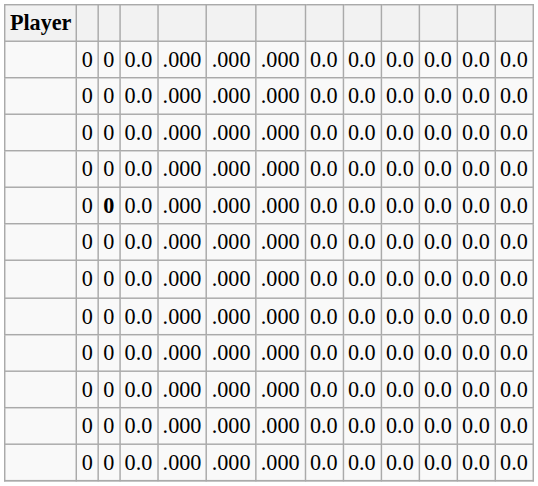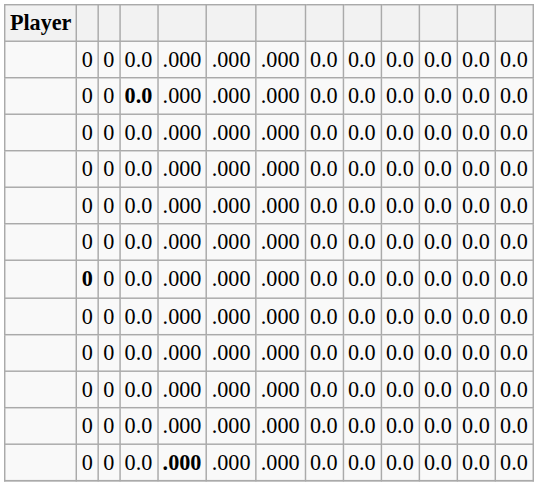 <table class="wikitable sortable" style="font-size:95%; text-align:right">
 <tr>
 <th>Player</th>
 <th></th>
 <th></th>
 <th></th>
 <th></th>
 <th></th>
 <th></th>
 <th></th>
 <th></th>
 <th></th>
 <th></th>
 <th></th>
 <th></th>
+</tr>
+<tr>
+<td><strong></strong></td>
+<td>0</td>
+<td>0</td>
+<td>0.0</td>
+<td>.000</td>
+<td>.000</td>
+<td>.000</td>
+<td>0.0</td>
+<td>0.0</td>
+<td>0.0</td>
+<td>0.0</td>
+<td>0.0</td>
+<td>0.0</td>
+</tr>
+<tr>
+<td><strong></strong></td>
+<td>0</td>
+<td>0</td>
+<td><strong>0.0</strong></td>
+<td>.000</td>
+<td>.000</td>
+<td>.000</td>
+<td>0.0</td>
+<td>0.0</td>
+<td>0.0</td>
+<td>0.0</td>
+<td>0.0</td>
+<td>0.0</td>
 </tr>
 <tr>
 <td><strong></strong></td>
 <td>0</td>
 <td>0</td>
 <td>0.0</td>
 <td>.000</td>
 <td>.000</td>
 <td>.000</td>
 <td>0.0</td>
 <td>0.0</td>
 <td>0.0</td>
 <td>0.0</td>
 <td>0.0</td>
 <td>0.0</td>
 </tr>
 <tr>
 <td><strong></strong></td>
 <td>0</td>
 <td>0</td>
 <td>0.0</td>
 <td>.000</td>
 <td>.000</td>
 <td>.000</td>
 <td>0.0</td>
 <td>0.0</td>
 <td>0.0</td>
 <td>0.0</td>
 <td>0.0</td>
 <td>0.0</td>
 </tr>
 <tr>
 <td><strong></strong></td>
 <td>0</td>
 <td>0</td>
 <td>0.0</td>
 <td>.000</td>
 <td>.000</td>
 <td>.000</td>
 <td>0.0</td>
 <td>0.0</td>
 <td>0.0</td>
 <td>0.0</td>
 <td>0.0</td>
 <td>0.0</td>
 </tr>
 <tr>
 <td><strong></strong></td>
 <td>0</td>
 <td>0</td>
 <td>0.0</td>
 <td>.000</td>
 <td>.000</td>
 <td>.000</td>
 <td>0.0</td>
 <td>0.0</td>
 <td>0.0</td>
 <td>0.0</td>
 <td>0.0</td>
 <td>0.0</td>
 </tr>
 <tr>
 <td><strong></strong></td>
-<td>0</td>
 <td><strong>0</strong></td>
-<td>0.0</td>
-<td>.000</td>
-<td>.000</td>
-<td>.000</td>
-<td>0.0</td>
-<td>0.0</td>
-<td>0.0</td>
-<td>0.0</td>
-<td>0.0</td>
-<td>0.0</td>
-</tr>
-<tr>
-<td><strong></strong></td>
-<td>0</td>
 <td>0</td>
 <td>0.0</td>
 <td>.000</td>
 <td>.000</td>
 <td>.000</td>
 <td>0.0</td>
 <td>0.0</td>
 <td>0.0</td>
 <td>0.0</td>
 <td>0.0</td>
 <td>0.0</td>
 </tr>
 <tr>
 <td><strong></strong></td>
 <td>0</td>
 <td>0</td>
 <td>0.0</td>
 <td>.000</td>
 <td>.000</td>
 <td>.000</td>
 <td>0.0</td>
 <td>0.0</td>
 <td>0.0</td>
 <td>0.0</td>
 <td>0.0</td>
 <td>0.0</td>
 </tr>
 <tr>
 <td><strong></strong></td>
 <td>0</td>
 <td>0</td>
 <td>0.0</td>
 <td>.000</td>
 <td>.000</td>
 <td>.000</td>
 <td>0.0</td>
 <td>0.0</td>
 <td>0.0</td>
 <td>0.0</td>
 <td>0.0</td>
 <td>0.0</td>
 </tr>
 <tr>
 <td><strong></strong></td>
 <td>0</td>
 <td>0</td>
 <td>0.0</td>
 <td>.000</td>
 <td>.000</td>
 <td>.000</td>
 <td>0.0</td>
 <td>0.0</td>
 <td>0.0</td>
 <td>0.0</td>
 <td>0.0</td>
 <td>0.0</td>
 </tr>
 <tr>
 <td><strong></strong></td>
 <td>0</td>
 <td>0</td>
 <td>0.0</td>
 <td>.000</td>
 <td>.000</td>
 <td>.000</td>
 <td>0.0</td>
 <td>0.0</td>
 <td>0.0</td>
 <td>0.0</td>
 <td>0.0</td>
 <td>0.0</td>
 </tr>
 <tr>
 <td><strong></strong></td>
 <td>0</td>
 <td>0</td>
 <td>0.0</td>
-<td>.000</td>
-<td>.000</td>
-<td>.000</td>
-<td>0.0</td>
-<td>0.0</td>
-<td>0.0</td>
-<td>0.0</td>
-<td>0.0</td>
-<td>0.0</td>
-</tr>
-<tr>
-<td><strong></strong></td>
-<td>0</td>
-<td>0</td>
-<td>0.0</td>
-<td>.000</td>
+<td><strong>.000</strong></td>
 <td>.000</td>
 <td>.000</td>
 <td>0.0</td>
 <td>0.0</td>
 <td>0.0</td>
 <td>0.0</td>
 <td>0.0</td>
 <td>0.0</td>
 </tr>
 <tr>
 </tr>
 </table>
